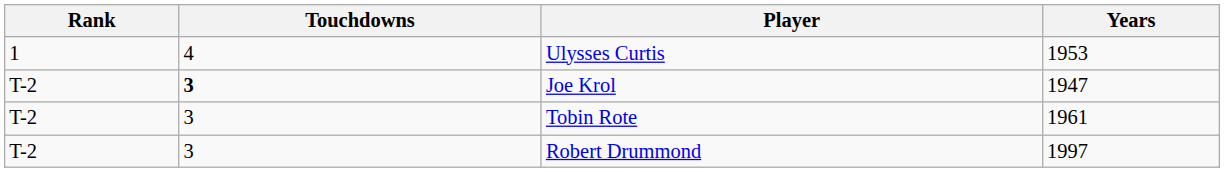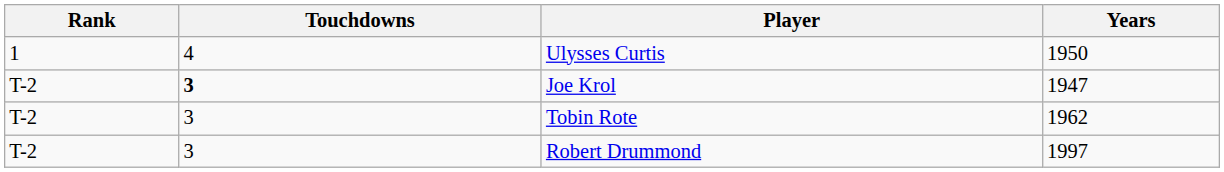 <table class="wikitable" style="width:60%;">
 <tr>
 <th>Rank</th>
 <th>Touchdowns</th>
 <th>Player</th>
 <th>Years</th>
 </tr>
 <tr>
 <td>1</td>
 <td>4</td>
 <td><a href='#'>Ulysses Curtis</a></td>
-<td>1953</td>
+<td>1950</td>
 </tr>
 <tr>
 <td>T-2</td>
 <td><strong>3</strong></td>
 <td><a href='#'>Joe Krol</a></td>
 <td>1947</td>
 </tr>
 <tr>
 <td>T-2</td>
 <td>3</td>
 <td><a href='#'>Tobin Rote</a></td>
-<td>1961</td>
+<td>1962</td>
 </tr>
 <tr>
 <td>T-2</td>
 <td>3</td>
 <td><a href='#'>Robert Drummond</a></td>
 <td>1997</td>
 </tr>
 </table>
